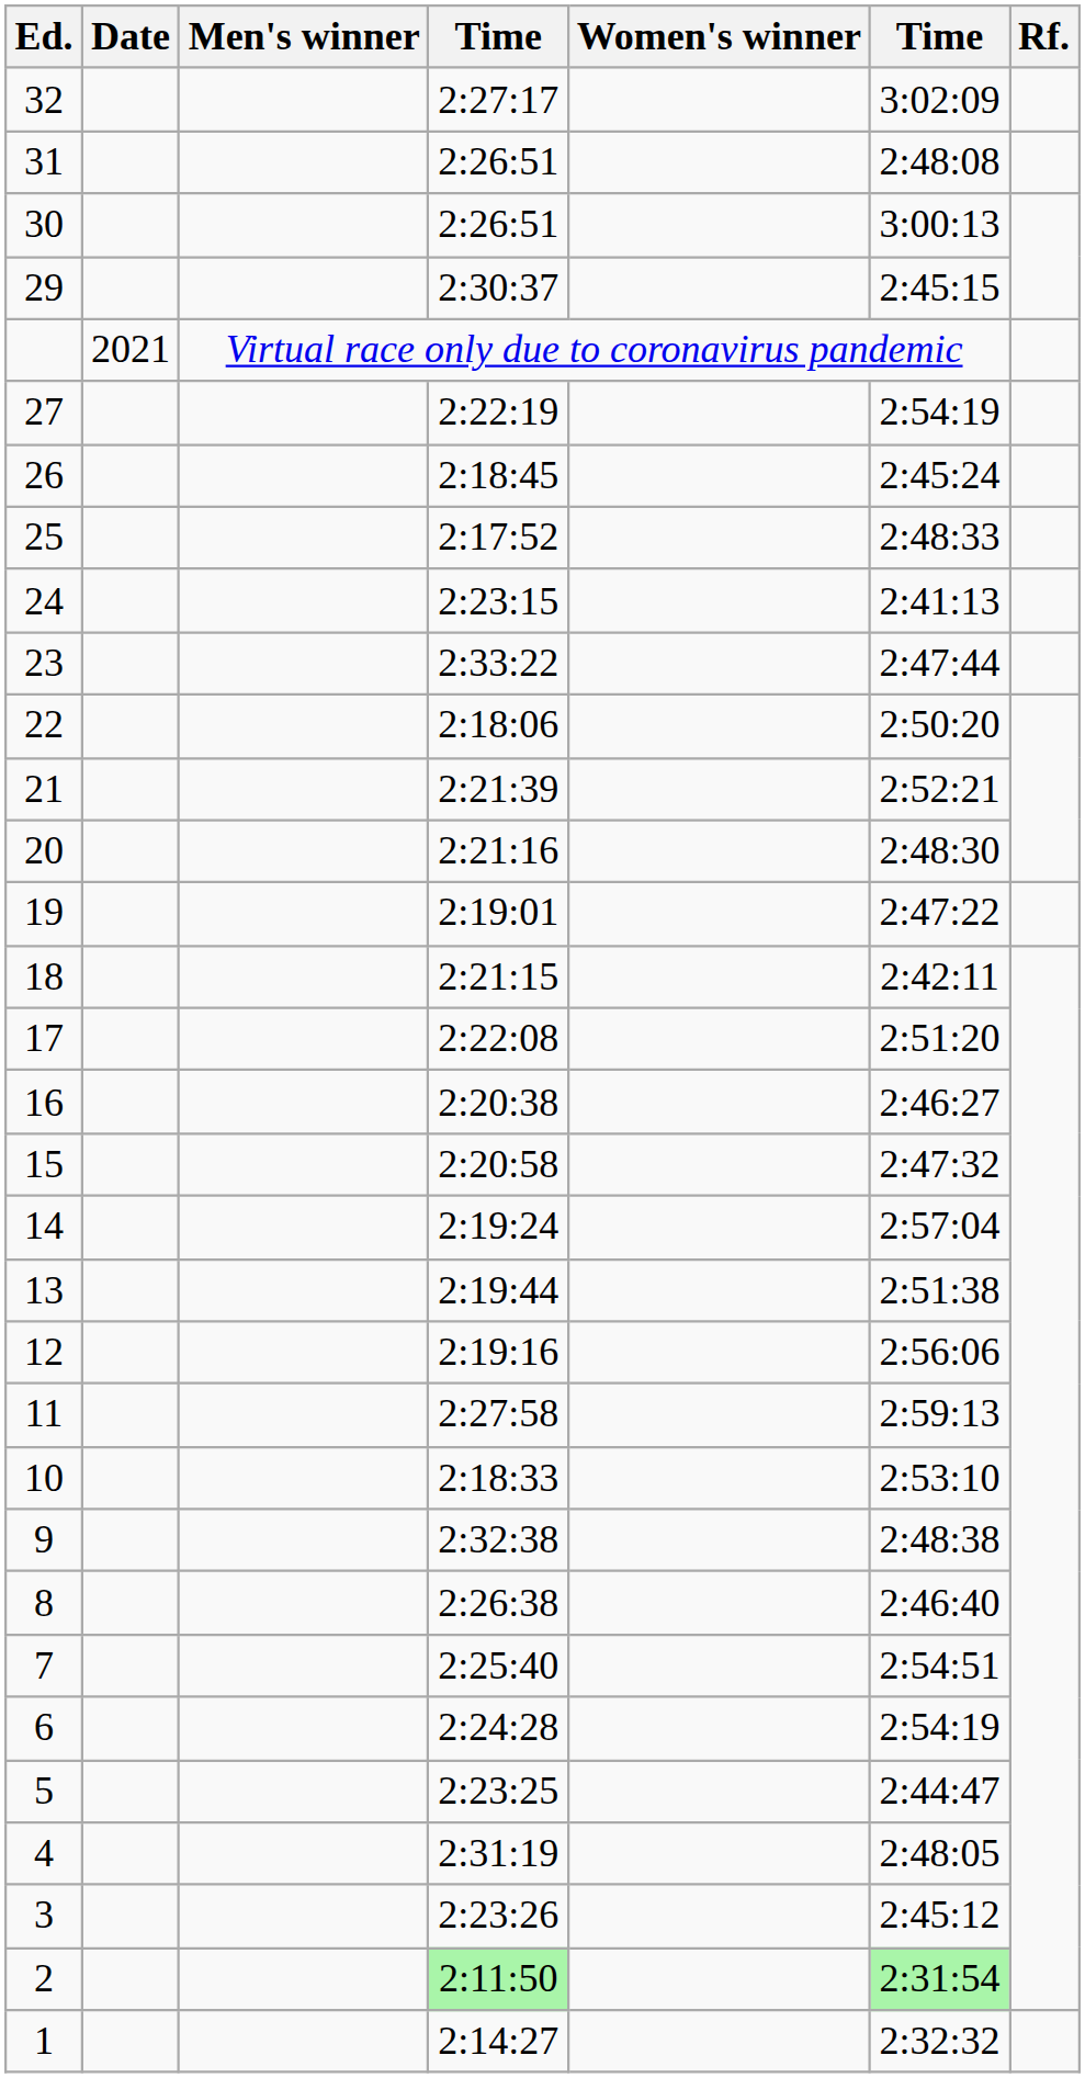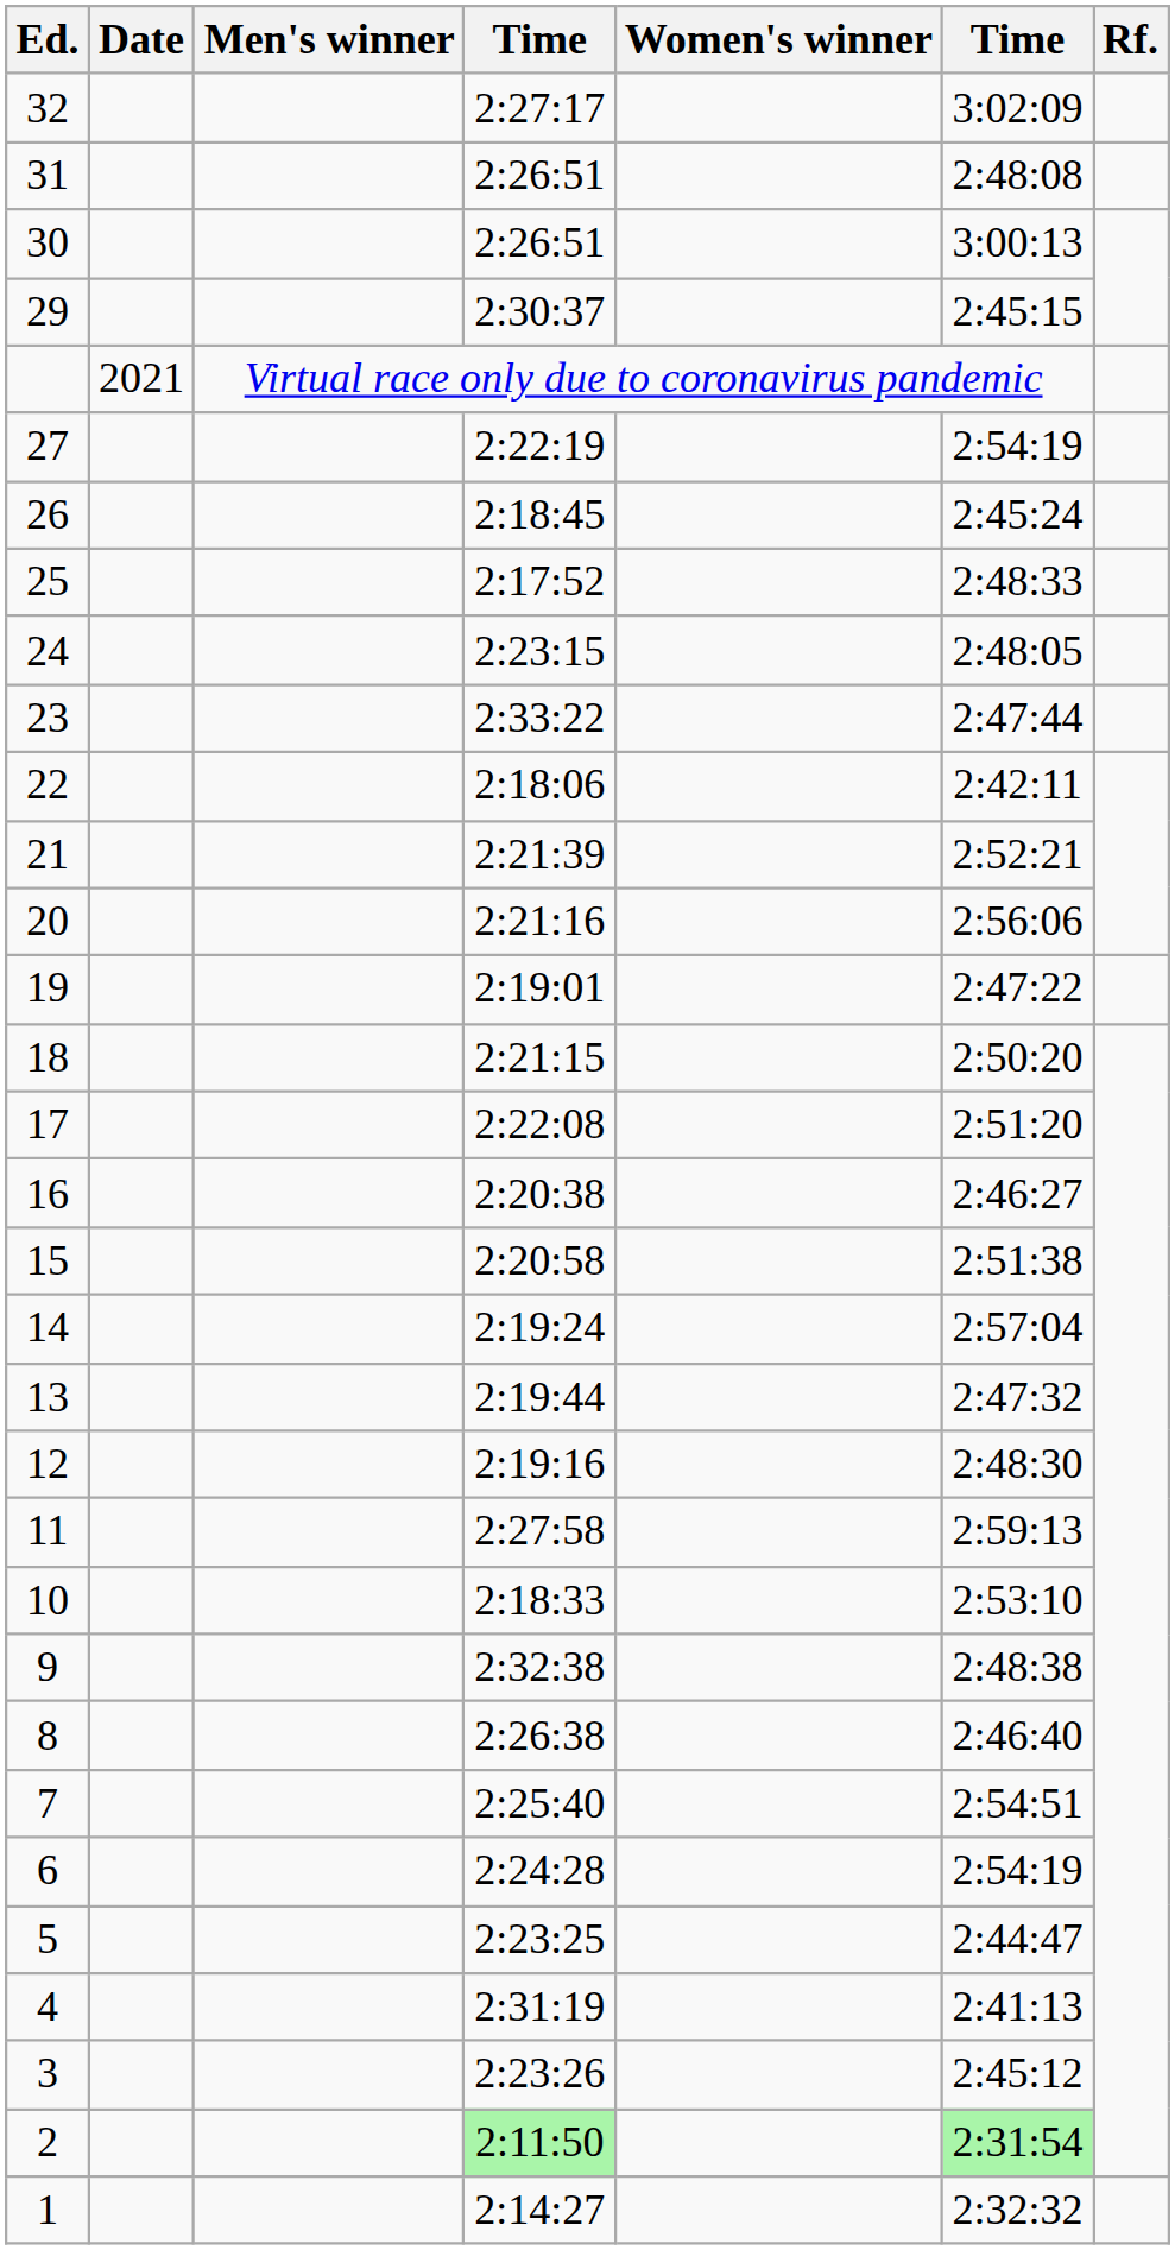 <table class="wikitable sortable" style="text-align:center">
 <tr>
 <th class="unsortable">Ed.</th>
 <th>Date</th>
 <th>Men's winner</th>
 <th>Time</th>
 <th>Women's winner</th>
 <th>Time</th>
 <th class="unsortable">Rf.</th>
 </tr>
 <tr>
 <td>32</td>
 <td></td>
 <td align="left"></td>
 <td>2:27:17</td>
 <td align="left"></td>
 <td>3:02:09</td>
 <td></td>
 </tr>
 <tr>
 <td>31</td>
 <td></td>
 <td align="left"></td>
 <td>2:26:51</td>
 <td align="left"></td>
 <td>2:48:08</td>
 <td></td>
 </tr>
 <tr>
 <td>30</td>
 <td></td>
 <td align="left"></td>
 <td>2:26:51</td>
 <td align="left"></td>
 <td>3:00:13</td>
 </tr>
 <tr>
 <td>29</td>
 <td></td>
 <td align="left"></td>
 <td>2:30:37</td>
 <td align="left"></td>
 <td>2:45:15</td>
 </tr>
 <tr>
 <td></td>
 <td>2021</td>
 <td colspan="4" align="center" data-sort-value=""><em><a href='#'>Virtual race only due to coronavirus pandemic</a></em></td>
 <td></td>
 </tr>
 <tr>
 <td>27</td>
 <td></td>
 <td align="left"></td>
 <td>2:22:19</td>
 <td align="left"></td>
 <td>2:54:19</td>
 </tr>
 <tr>
 <td>26</td>
 <td></td>
 <td align="left"></td>
 <td>2:18:45</td>
 <td align="left"></td>
 <td>2:45:24</td>
 <td></td>
 </tr>
 <tr>
 <td>25</td>
 <td></td>
 <td align="left"></td>
 <td>2:17:52</td>
 <td align="left"></td>
 <td>2:48:33</td>
 <td></td>
 </tr>
 <tr>
 <td>24</td>
 <td></td>
 <td align="left"></td>
 <td>2:23:15</td>
 <td align="left"></td>
-<td>2:41:13</td>
+<td>2:48:05</td>
 <td></td>
 </tr>
 <tr>
 <td>23</td>
 <td></td>
 <td align="left"></td>
 <td>2:33:22</td>
 <td align="left"></td>
 <td>2:47:44</td>
 <td></td>
 </tr>
 <tr>
 <td>22</td>
 <td></td>
 <td align="left"></td>
 <td>2:18:06</td>
 <td align="left"></td>
-<td>2:50:20</td>
+<td>2:42:11</td>
 </tr>
 <tr>
 <td>21</td>
 <td></td>
 <td align="left"></td>
 <td>2:21:39</td>
 <td align="left"></td>
 <td>2:52:21</td>
 </tr>
 <tr>
 <td>20</td>
 <td></td>
 <td align="left"></td>
 <td>2:21:16</td>
 <td align="left"></td>
-<td>2:48:30</td>
+<td>2:56:06</td>
 </tr>
 <tr>
 <td>19</td>
 <td></td>
 <td align="left"></td>
 <td>2:19:01</td>
 <td align="left"></td>
 <td>2:47:22</td>
 <td></td>
 </tr>
 <tr>
 <td>18</td>
 <td></td>
 <td align="left"></td>
 <td>2:21:15</td>
 <td align="left"></td>
-<td>2:42:11</td>
+<td>2:50:20</td>
 </tr>
 <tr>
 <td>17</td>
 <td></td>
 <td align="left"></td>
 <td>2:22:08</td>
 <td align="left"></td>
 <td>2:51:20</td>
 </tr>
 <tr>
 <td>16</td>
 <td></td>
 <td align="left"></td>
 <td>2:20:38</td>
 <td align="left"></td>
 <td>2:46:27</td>
 </tr>
 <tr>
 <td>15</td>
 <td></td>
 <td align="left"></td>
 <td>2:20:58</td>
 <td align="left"></td>
-<td>2:47:32</td>
+<td>2:51:38</td>
 </tr>
 <tr>
 <td>14</td>
 <td></td>
 <td align="left"></td>
 <td>2:19:24</td>
 <td align="left"></td>
 <td>2:57:04</td>
 </tr>
 <tr>
 <td>13</td>
 <td></td>
 <td align="left"></td>
 <td>2:19:44</td>
 <td align="left"></td>
-<td>2:51:38</td>
+<td>2:47:32</td>
 </tr>
 <tr>
 <td>12</td>
 <td></td>
 <td align="left"></td>
 <td>2:19:16</td>
 <td align="left"></td>
-<td>2:56:06</td>
+<td>2:48:30</td>
 </tr>
 <tr>
 <td>11</td>
 <td></td>
 <td align="left"></td>
 <td>2:27:58</td>
 <td align="left"></td>
 <td>2:59:13</td>
 </tr>
 <tr>
 <td>10</td>
 <td></td>
 <td align="left"></td>
 <td>2:18:33</td>
 <td align="left"></td>
 <td>2:53:10</td>
 </tr>
 <tr>
 <td>9</td>
 <td></td>
 <td align="left"></td>
 <td>2:32:38</td>
 <td align="left"></td>
 <td>2:48:38</td>
 </tr>
 <tr>
 <td>8</td>
 <td></td>
 <td align="left"></td>
 <td>2:26:38</td>
 <td align="left"></td>
 <td>2:46:40</td>
 </tr>
 <tr>
 <td>7</td>
 <td></td>
 <td align="left"></td>
 <td>2:25:40</td>
 <td align="left"></td>
 <td>2:54:51</td>
 </tr>
 <tr>
 <td>6</td>
 <td></td>
 <td align="left"></td>
 <td>2:24:28</td>
 <td align="left"></td>
 <td>2:54:19</td>
 </tr>
 <tr>
 <td>5</td>
 <td></td>
 <td align="left"></td>
 <td>2:23:25</td>
 <td align="left"></td>
 <td>2:44:47</td>
 </tr>
 <tr>
 <td>4</td>
 <td></td>
 <td align="left"></td>
 <td>2:31:19</td>
 <td align="left"></td>
-<td>2:48:05</td>
+<td>2:41:13</td>
 </tr>
 <tr>
 <td>3</td>
 <td></td>
 <td align="left"></td>
 <td>2:23:26</td>
 <td align="left"></td>
 <td>2:45:12</td>
 </tr>
 <tr>
 <td>2</td>
 <td></td>
 <td align="left"></td>
 <td bgcolor="#A9F5A9">2:11:50</td>
 <td align="left"></td>
 <td bgcolor="#A9F5A9">2:31:54</td>
 </tr>
 <tr>
 <td>1</td>
 <td></td>
 <td align="left"></td>
 <td>2:14:27</td>
 <td align="left"></td>
 <td>2:32:32</td>
 <td></td>
 </tr>
 </table>
